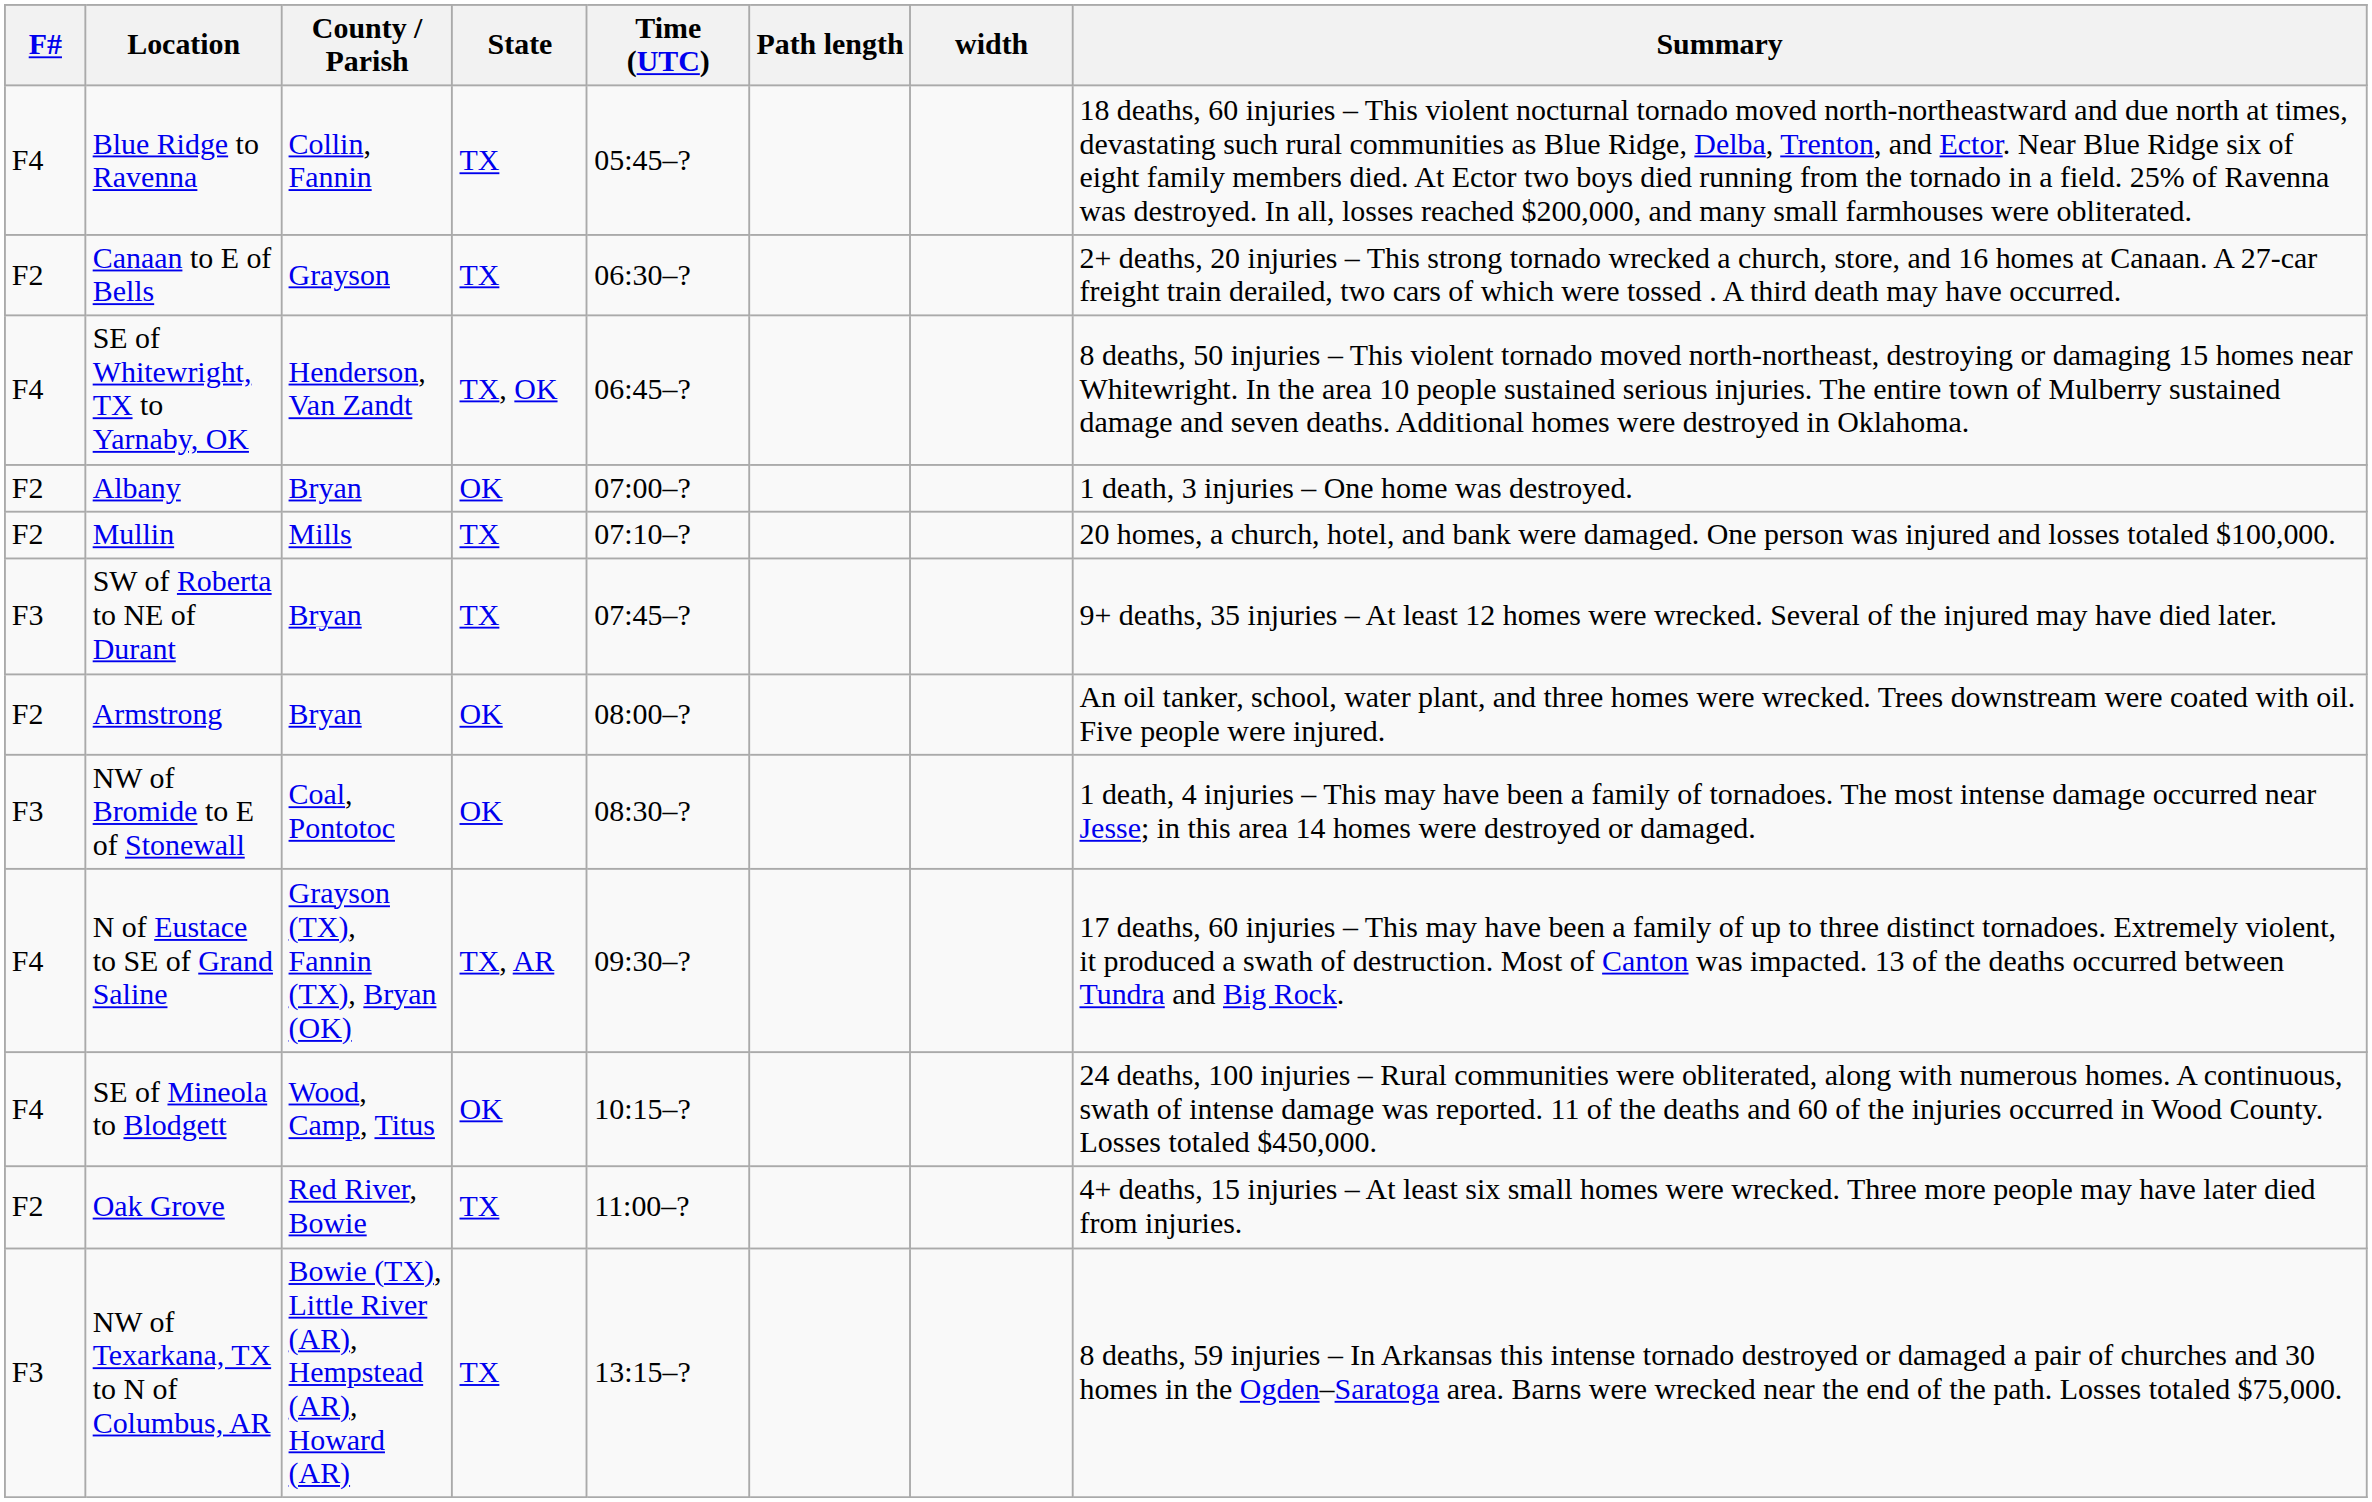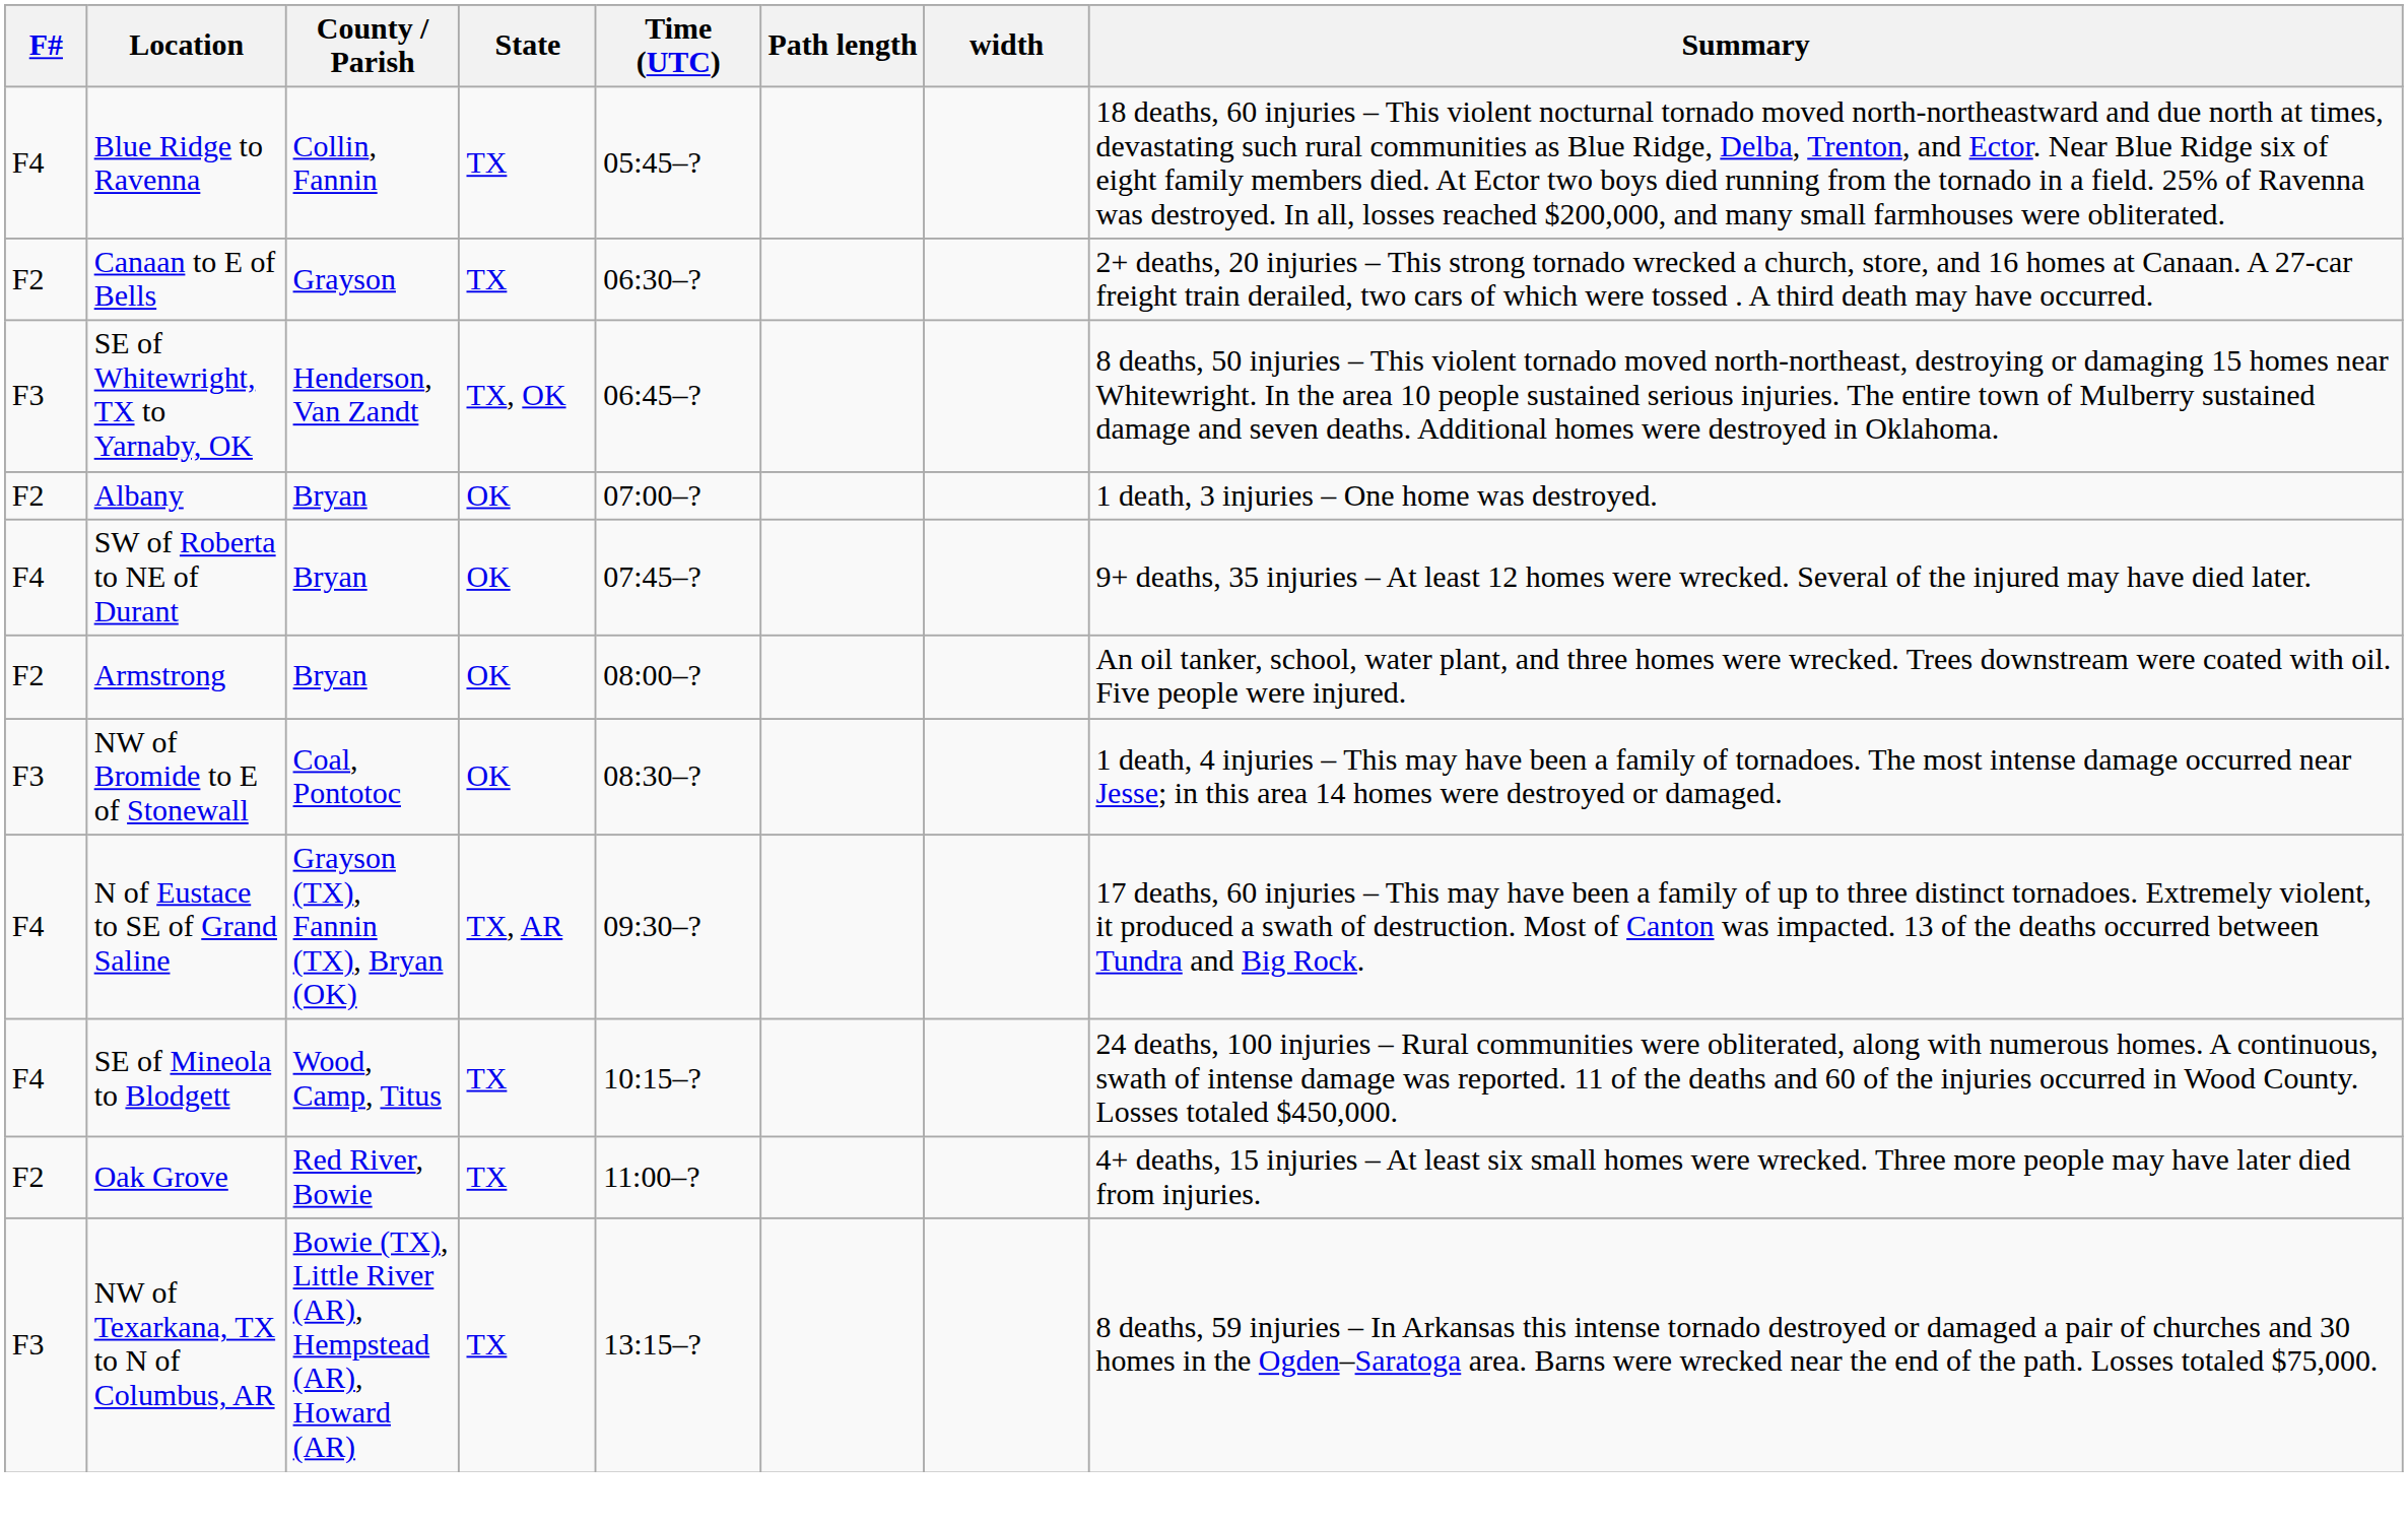 <table class="wikitable sortable" style="width:100%;">
 <tr>
 <th scope="col"  style="width:3%; text-align:center;"><a href='#'>F#</a></th>
 <th scope="col"  style="width:7%; text-align:center;" class="unsortable">Location</th>
 <th scope="col"  style="width:6%; text-align:center;" class="unsortable">County / Parish</th>
 <th scope="col"  style="width:5%; text-align:center;">State</th>
 <th scope="col"  style="width:6%; text-align:center;">Time (<a href='#'>UTC</a>)</th>
 <th scope="col"  style="width:6%; text-align:center;">Path length</th>
 <th scope="col"  style="width:6%; text-align:center;"> width</th>
 <th scope="col" class="unsortable" style="width:48%; text-align:center;">Summary</th>
 </tr>
 <tr>
 <td>F4</td>
 <td><a href='#'>Blue Ridge</a> to <a href='#'>Ravenna</a></td>
 <td><a href='#'>Collin</a>, <a href='#'>Fannin</a></td>
 <td><a href='#'>TX</a></td>
 <td>05:45–?</td>
 <td></td>
 <td></td>
 <td>18 deaths, 60 injuries – This violent nocturnal tornado moved north-northeastward and due north at times, devastating such rural communities as Blue Ridge, <a href='#'>Delba</a>, <a href='#'>Trenton</a>, and <a href='#'>Ector</a>. Near Blue Ridge six of eight family members died. At Ector two boys died running from the tornado in a field. 25% of Ravenna was destroyed. In all, losses reached $200,000, and many small farmhouses were obliterated.</td>
 </tr>
 <tr>
 <td>F2</td>
 <td><a href='#'>Canaan</a> to E of <a href='#'>Bells</a></td>
 <td><a href='#'>Grayson</a></td>
 <td><a href='#'>TX</a></td>
 <td>06:30–?</td>
 <td></td>
 <td></td>
 <td>2+ deaths, 20 injuries – This strong tornado wrecked a church, store, and 16 homes at Canaan. A 27-car freight train derailed, two cars of which were tossed . A third death may have occurred.</td>
 </tr>
 <tr>
-<td>F4</td>
+<td>F3</td>
 <td>SE of <a href='#'>Whitewright, TX</a> to <a href='#'>Yarnaby, OK</a></td>
 <td><a href='#'>Henderson</a>, <a href='#'>Van Zandt</a></td>
 <td><a href='#'>TX</a>, <a href='#'>OK</a></td>
 <td>06:45–?</td>
 <td></td>
 <td></td>
 <td>8 deaths, 50 injuries – This violent tornado moved north-northeast, destroying or damaging 15 homes near Whitewright. In the area 10 people sustained serious injuries. The entire town of Mulberry sustained damage and seven deaths. Additional homes were destroyed in Oklahoma.</td>
 </tr>
 <tr>
 <td>F2</td>
 <td><a href='#'>Albany</a></td>
 <td><a href='#'>Bryan</a></td>
 <td><a href='#'>OK</a></td>
 <td>07:00–?</td>
 <td></td>
 <td></td>
 <td>1 death, 3 injuries – One home was destroyed.</td>
 </tr>
 <tr>
-<td>F2</td>
-<td><a href='#'>Mullin</a></td>
-<td><a href='#'>Mills</a></td>
-<td><a href='#'>TX</a></td>
-<td>07:10–?</td>
-<td></td>
-<td></td>
-<td>20 homes, a church, hotel, and bank were damaged. One person was injured and losses totaled $100,000.</td>
-</tr>
-<tr>
-<td>F3</td>
+<td>F4</td>
 <td>SW of <a href='#'>Roberta</a> to NE of <a href='#'>Durant</a></td>
 <td><a href='#'>Bryan</a></td>
-<td><a href='#'>TX</a></td>
+<td><a href='#'>OK</a></td>
 <td>07:45–?</td>
 <td></td>
 <td></td>
 <td>9+ deaths, 35 injuries – At least 12 homes were wrecked. Several of the injured may have died later.</td>
 </tr>
 <tr>
 <td>F2</td>
 <td><a href='#'>Armstrong</a></td>
 <td><a href='#'>Bryan</a></td>
 <td><a href='#'>OK</a></td>
 <td>08:00–?</td>
 <td></td>
 <td></td>
 <td>An oil tanker, school, water plant, and three homes were wrecked. Trees downstream were coated with oil. Five people were injured.</td>
 </tr>
 <tr>
 <td>F3</td>
 <td>NW of <a href='#'>Bromide</a> to E of <a href='#'>Stonewall</a></td>
 <td><a href='#'>Coal</a>, <a href='#'>Pontotoc</a></td>
 <td><a href='#'>OK</a></td>
 <td>08:30–?</td>
 <td></td>
 <td></td>
 <td>1 death, 4 injuries – This may have been a family of tornadoes. The most intense damage occurred near <a href='#'>Jesse</a>; in this area 14 homes were destroyed or damaged.</td>
 </tr>
 <tr>
 <td>F4</td>
 <td>N of <a href='#'>Eustace</a> to SE of <a href='#'>Grand Saline</a></td>
 <td><a href='#'>Grayson (TX)</a>, <a href='#'>Fannin (TX)</a>, <a href='#'>Bryan (OK)</a></td>
 <td><a href='#'>TX</a>, <a href='#'>AR</a></td>
 <td>09:30–?</td>
 <td></td>
 <td></td>
 <td>17 deaths, 60 injuries – This may have been a family of up to three distinct tornadoes. Extremely violent, it produced a  swath of destruction. Most of <a href='#'>Canton</a> was impacted. 13 of the deaths occurred between <a href='#'>Tundra</a> and <a href='#'>Big Rock</a>.</td>
 </tr>
 <tr>
 <td>F4</td>
 <td>SE of <a href='#'>Mineola</a> to <a href='#'>Blodgett</a></td>
 <td><a href='#'>Wood</a>, <a href='#'>Camp</a>, <a href='#'>Titus</a></td>
-<td><a href='#'>OK</a></td>
+<td><a href='#'>TX</a></td>
 <td>10:15–?</td>
 <td></td>
 <td></td>
 <td>24 deaths, 100 injuries – Rural communities were obliterated, along with numerous homes. A continuous,  swath of intense damage was reported. 11 of the deaths and 60 of the injuries occurred in Wood County. Losses totaled $450,000.</td>
 </tr>
 <tr>
 <td>F2</td>
 <td><a href='#'>Oak Grove</a></td>
 <td><a href='#'>Red River</a>, <a href='#'>Bowie</a></td>
 <td><a href='#'>TX</a></td>
 <td>11:00–?</td>
 <td></td>
 <td></td>
 <td>4+ deaths, 15 injuries – At least six small homes were wrecked. Three more people may have later died from injuries.</td>
 </tr>
 <tr>
 <td>F3</td>
 <td>NW of <a href='#'>Texarkana, TX</a>  to N of <a href='#'>Columbus, AR</a></td>
 <td><a href='#'>Bowie (TX)</a>, <a href='#'>Little River (AR)</a>, <a href='#'>Hempstead (AR)</a>, <a href='#'>Howard (AR)</a></td>
 <td><a href='#'>TX</a></td>
 <td>13:15–?</td>
 <td></td>
 <td></td>
 <td>8 deaths, 59 injuries – In Arkansas this intense tornado destroyed or damaged a pair of churches and 30 homes in the <a href='#'>Ogden</a>–<a href='#'>Saratoga</a> area. Barns were wrecked near the end of the path. Losses totaled $75,000.</td>
 </tr>
 </table>
